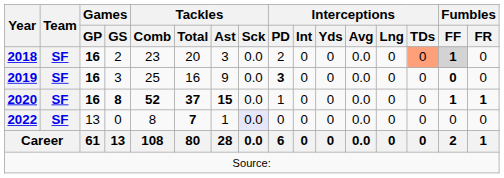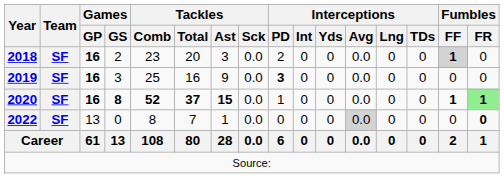 <table class="wikitable" style="text-align: center;">
 <tr>
 <th rowspan="2">Year</th>
 <th rowspan="2">Team</th>
 <th colspan="2">Games</th>
 <th colspan="4">Tackles</th>
 <th colspan="6">Interceptions</th>
 <th colspan="2">Fumbles</th>
 </tr>
 <tr>
 <th>GP</th>
 <th>GS</th>
 <th>Comb</th>
 <th>Total</th>
 <th>Ast</th>
 <th>Sck</th>
 <th>PD</th>
 <th>Int</th>
 <th>Yds</th>
 <th>Avg</th>
 <th>Lng</th>
 <th>TDs</th>
 <th>FF</th>
 <th>FR</th>
 </tr>
 <tr>
 <th><a href='#'>2018</a></th>
 <th><a href='#'>SF</a></th>
 <td><strong>16</strong></td>
 <td>2</td>
 <td>23</td>
 <td>20</td>
 <td>3</td>
 <td>0.0</td>
 <td>2</td>
 <td>0</td>
 <td>0</td>
 <td>0.0</td>
 <td>0</td>
-<td style="background: lightsalmon;">0</td>
+<td>0</td>
 <td style="background: lightgrey;"><strong>1</strong></td>
 <td>0</td>
 </tr>
 <tr>
 <th><a href='#'>2019</a></th>
 <th><a href='#'>SF</a></th>
 <td><strong>16</strong></td>
 <td>3</td>
 <td>25</td>
 <td>16</td>
 <td>9</td>
 <td>0.0</td>
 <td><strong>3</strong></td>
 <td>0</td>
 <td>0</td>
 <td>0.0</td>
 <td>0</td>
 <td>0</td>
-<td><strong>0</strong></td>
+<td>0</td>
 <td>0</td>
 </tr>
 <tr>
 <th><a href='#'>2020</a></th>
 <th><a href='#'>SF</a></th>
 <td><strong>16</strong></td>
 <td><strong>8</strong></td>
 <td><strong>52</strong></td>
 <td><strong>37</strong></td>
 <td><strong>15</strong></td>
 <td>0.0</td>
 <td>1</td>
 <td>0</td>
 <td>0</td>
 <td>0.0</td>
 <td>0</td>
 <td>0</td>
 <td><strong>1</strong></td>
-<td><strong>1</strong></td>
+<td style="background: lightgreen;"><strong>1</strong></td>
 </tr>
 <tr>
 <th><a href='#'>2022</a></th>
 <th><a href='#'>SF</a></th>
 <td>13</td>
 <td>0</td>
 <td>8</td>
-<td><strong>7</strong></td>
+<td>7</td>
 <td>1</td>
-<td style="background: lavender;">0.0</td>
-<td>0</td>
-<td>0</td>
-<td>0</td>
 <td>0.0</td>
 <td>0</td>
 <td>0</td>
 <td>0</td>
+<td style="background: lightgrey;">0.0</td>
 <td>0</td>
+<td>0</td>
+<td>0</td>
+<td><strong>0</strong></td>
 </tr>
 <tr>
 <th colspan="2">Career</th>
 <th>61</th>
 <th>13</th>
 <th>108</th>
 <th>80</th>
 <th>28</th>
 <th>0.0</th>
 <th>6</th>
 <th>0</th>
 <th>0</th>
 <th>0.0</th>
 <th>0</th>
 <th>0</th>
 <th>2</th>
 <th>1</th>
 </tr>
 <tr>
 <td colspan="18"><small>Source: </small></td>
 </tr>
 </table>
